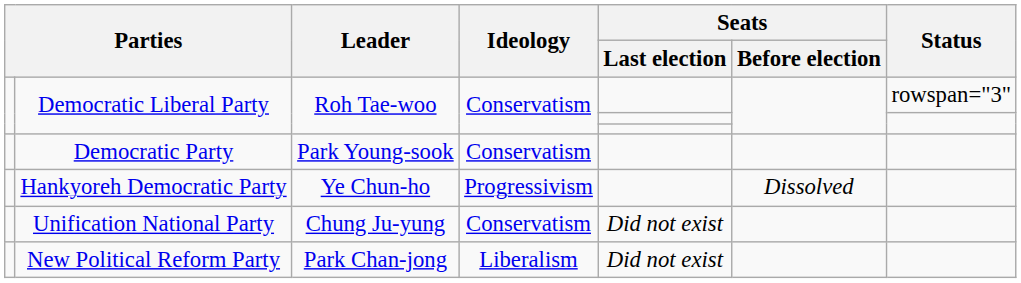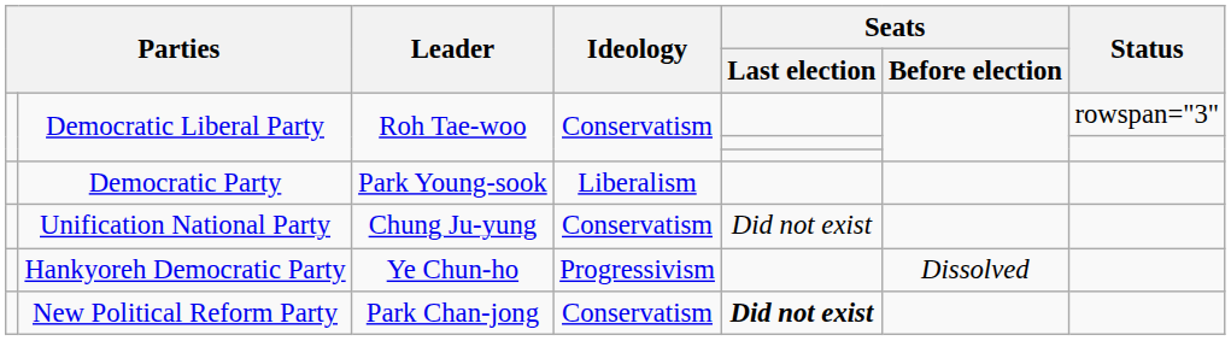 <table class="wikitable" style="text-align:center">
 <tr>
 <th colspan="2" rowspan="2">Parties</th>
 <th rowspan="2">Leader</th>
 <th rowspan="2">Ideology</th>
 <th colspan="2">Seats</th>
 <th rowspan="2">Status</th>
 </tr>
 <tr>
 <th>Last election</th>
 <th>Before election</th>
 </tr>
 <tr>
 <td rowspan="3" style="background:"></td>
 <td rowspan="3"><a href='#'>Democratic Liberal Party</a></td>
 <td rowspan="3"><a href='#'>Roh Tae-woo</a></td>
 <td rowspan="3"><a href='#'>Conservatism</a></td>
 <td></td>
 <td rowspan="3"></td>
 <td>rowspan="3" </td>
 </tr>
 <tr>
 <td></td>
 </tr>
 <tr>
 <td></td>
 </tr>
 <tr>
 <td style="background:"></td>
 <td><a href='#'>Democratic Party</a></td>
 <td><a href='#'>Park Young-sook</a></td>
+<td><a href='#'>Liberalism</a></td>
+<td></td>
+<td></td>
+<td></td>
+</tr>
+<tr>
+<td style="background:"></td>
+<td><a href='#'>Unification National Party</a></td>
+<td><a href='#'>Chung Ju-yung</a></td>
 <td><a href='#'>Conservatism</a></td>
-<td></td>
+<td><em>Did not exist</em></td>
 <td></td>
 <td></td>
 </tr>
 <tr>
 <td style="background:"></td>
 <td><a href='#'>Hankyoreh Democratic Party</a></td>
 <td><a href='#'>Ye Chun-ho</a></td>
 <td><a href='#'>Progressivism</a></td>
 <td></td>
 <td><em>Dissolved</em></td>
 <td></td>
 </tr>
 <tr>
 <td style="background:"></td>
-<td><a href='#'>Unification National Party</a></td>
-<td><a href='#'>Chung Ju-yung</a></td>
-<td><a href='#'>Conservatism</a></td>
-<td><em>Did not exist</em></td>
-<td></td>
-<td></td>
-</tr>
-<tr>
-<td style="background:"></td>
 <td><a href='#'>New Political Reform Party</a></td>
 <td><a href='#'>Park Chan-jong</a></td>
-<td><a href='#'>Liberalism</a></td>
-<td><em>Did not exist</em></td>
+<td><a href='#'>Conservatism</a></td>
+<td><strong><em>Did not exist</em></strong></td>
 <td></td>
 <td></td>
 </tr>
 </table>
